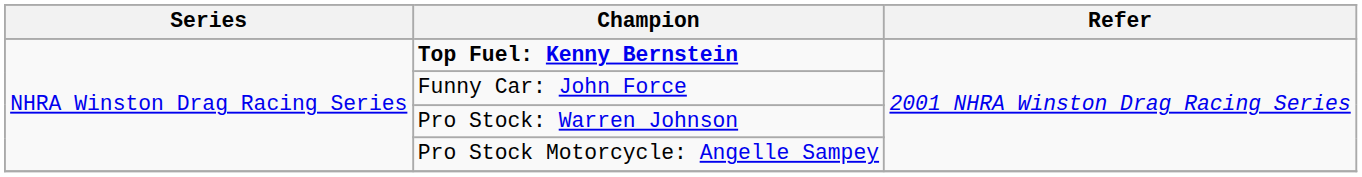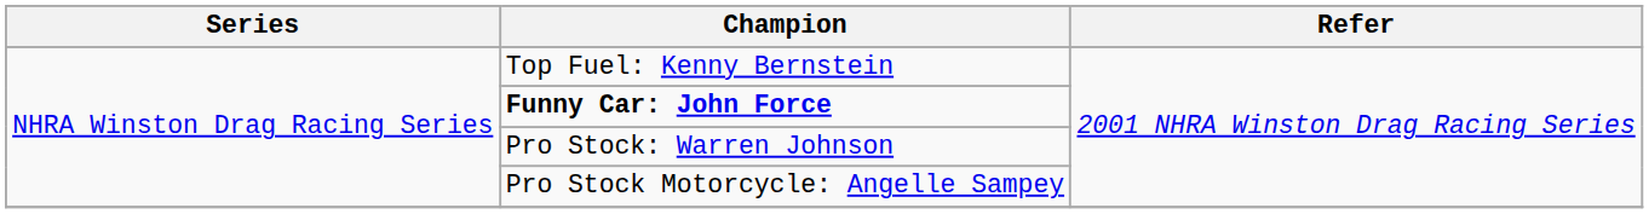 <table class="wikitable" style="font-size:87%;">
 <tr>
 <th>Series</th>
 <th>Champion</th>
 <th>Refer</th>
 </tr>
 <tr>
 <td rowspan=4><a href='#'>NHRA Winston Drag Racing Series</a></td>
-<td><strong>Top Fuel:  <a href='#'>Kenny Bernstein</a></strong></td>
+<td>Top Fuel:  <a href='#'>Kenny Bernstein</a></td>
 <td rowspan=4><em><a href='#'>2001 NHRA Winston Drag Racing Series</a></em></td>
 </tr>
 <tr>
-<td>Funny Car:  <a href='#'>John Force</a></td>
+<td><strong>Funny Car:  <a href='#'>John Force</a></strong></td>
 </tr>
 <tr>
 <td>Pro Stock:  <a href='#'>Warren Johnson</a></td>
 </tr>
 <tr>
 <td>Pro Stock Motorcycle:  <a href='#'>Angelle Sampey</a></td>
 </tr>
 <tr>
 </tr>
 </table>
